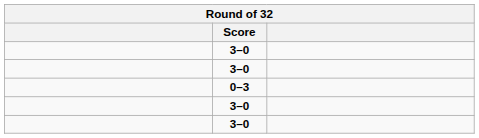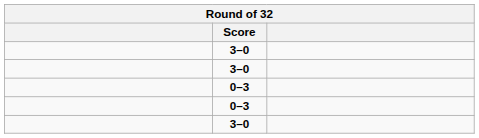 <table class="wikitable" style="text-align: center; font-size:90% ">
 <tr>
 <th colspan=3>Round of 32</th>
 </tr>
 <tr>
 <th align="right" width="250"></th>
 <th width="60">Score</th>
 <th align="left" width="250"></th>
 </tr>
 <tr>
 <td align=left><strong></strong></td>
 <td align=center><strong>3–0</strong></td>
 <td align=left></td>
 </tr>
 <tr>
 <td align=left></td>
 <td align=center><strong>3–0</strong></td>
 <td align=left><strong></strong></td>
 </tr>
 <tr>
 <td align=left></td>
 <td align=center><strong>0–3</strong></td>
 <td align=left><strong></strong></td>
 </tr>
 <tr>
 <td align=left><strong></strong></td>
-<td align=center><strong>3–0</strong></td>
+<td align=center><strong>0–3</strong></td>
 <td align=left></td>
 </tr>
 <tr>
 <td align=left><strong></strong></td>
 <td align=center><strong>3–0</strong></td>
 <td align=left></td>
 </tr>
 </table>
